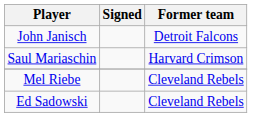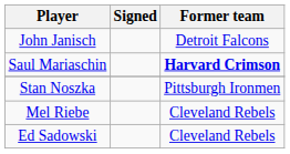 <table class="wikitable sortable sortable" style="text-align: center">
 <tr>
 <th>Player</th>
 <th>Signed</th>
 <th>Former team</th>
 </tr>
 <tr style="text-align: center">
 <td><a href='#'>John Janisch</a></td>
 <td></td>
 <td><a href='#'>Detroit Falcons</a></td>
 </tr>
 <tr style="text-align: center">
 <td><a href='#'>Saul Mariaschin</a></td>
 <td></td>
-<td><a href='#'>Harvard Crimson</a></td>
+<td><strong><a href='#'>Harvard Crimson</a></strong></td>
 </tr>
 <tr>
+</tr>
+<tr style="text-align: center">
+<td><a href='#'>Stan Noszka</a></td>
+<td></td>
+<td><a href='#'>Pittsburgh Ironmen</a></td>
 </tr>
 <tr>
 <td><a href='#'>Mel Riebe</a></td>
 <td></td>
 <td><a href='#'>Cleveland Rebels</a></td>
 </tr>
 <tr>
 <td><a href='#'>Ed Sadowski</a></td>
 <td></td>
 <td><a href='#'>Cleveland Rebels</a></td>
 </tr>
 </table>
